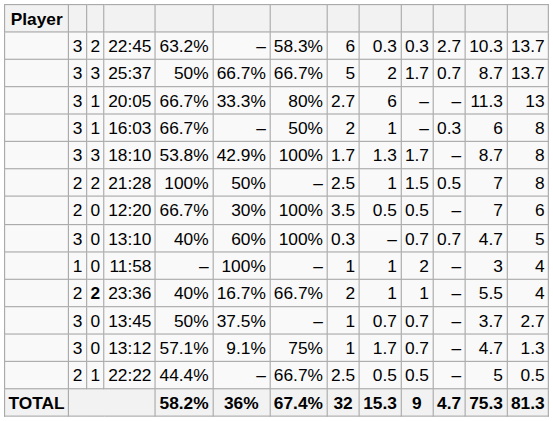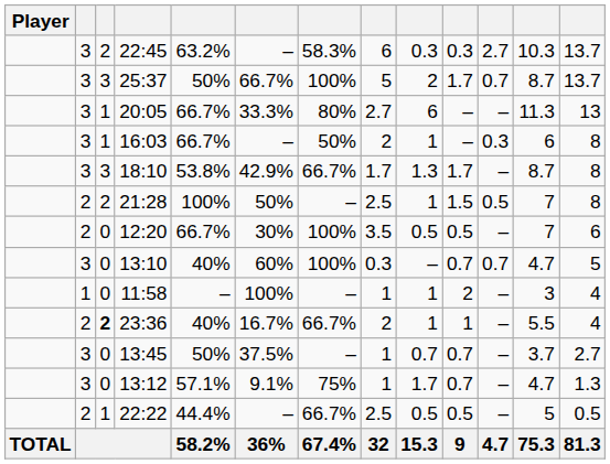 <table class="wikitable sortable" style="font-size:95%; text-align:right;">
 <tr>
 <th>Player</th>
 <th></th>
 <th></th>
 <th></th>
 <th></th>
 <th></th>
 <th></th>
 <th></th>
 <th></th>
 <th></th>
 <th></th>
 <th></th>
 <th></th>
 </tr>
 <tr>
 <td></td>
 <td>3</td>
 <td>2</td>
 <td>22:45</td>
 <td>63.2%</td>
 <td>–</td>
 <td>58.3%</td>
 <td>6</td>
 <td>0.3</td>
 <td>0.3</td>
 <td>2.7</td>
 <td>10.3</td>
 <td>13.7</td>
 </tr>
 <tr>
 <td></td>
 <td>3</td>
 <td>3</td>
 <td>25:37</td>
 <td>50%</td>
 <td>66.7%</td>
-<td>66.7%</td>
+<td>100%</td>
 <td>5</td>
 <td>2</td>
 <td>1.7</td>
 <td>0.7</td>
 <td>8.7</td>
 <td>13.7</td>
 </tr>
 <tr>
 <td></td>
 <td>3</td>
 <td>1</td>
 <td>20:05</td>
 <td>66.7%</td>
 <td>33.3%</td>
 <td>80%</td>
 <td>2.7</td>
 <td>6</td>
 <td>–</td>
 <td>–</td>
 <td>11.3</td>
 <td>13</td>
 </tr>
 <tr>
 <td></td>
 <td>3</td>
 <td>1</td>
 <td>16:03</td>
 <td>66.7%</td>
 <td>–</td>
 <td>50%</td>
 <td>2</td>
 <td>1</td>
 <td>–</td>
 <td>0.3</td>
 <td>6</td>
 <td>8</td>
 </tr>
 <tr>
 <td></td>
 <td>3</td>
 <td>3</td>
 <td>18:10</td>
 <td>53.8%</td>
 <td>42.9%</td>
-<td>100%</td>
+<td>66.7%</td>
 <td>1.7</td>
 <td>1.3</td>
 <td>1.7</td>
 <td>–</td>
 <td>8.7</td>
 <td>8</td>
 </tr>
 <tr>
 <td></td>
 <td>2</td>
 <td>2</td>
 <td>21:28</td>
 <td>100%</td>
 <td>50%</td>
 <td>–</td>
 <td>2.5</td>
 <td>1</td>
 <td>1.5</td>
 <td>0.5</td>
 <td>7</td>
 <td>8</td>
 </tr>
 <tr>
 <td></td>
 <td>2</td>
 <td>0</td>
 <td>12:20</td>
 <td>66.7%</td>
 <td>30%</td>
 <td>100%</td>
 <td>3.5</td>
 <td>0.5</td>
 <td>0.5</td>
 <td>–</td>
 <td>7</td>
 <td>6</td>
 </tr>
 <tr>
 <td></td>
 <td>3</td>
 <td>0</td>
 <td>13:10</td>
 <td>40%</td>
 <td>60%</td>
 <td>100%</td>
 <td>0.3</td>
 <td>–</td>
 <td>0.7</td>
 <td>0.7</td>
 <td>4.7</td>
 <td>5</td>
 </tr>
 <tr>
 <td></td>
 <td>1</td>
 <td>0</td>
 <td>11:58</td>
 <td>–</td>
 <td>100%</td>
 <td>–</td>
 <td>1</td>
 <td>1</td>
 <td>2</td>
 <td>–</td>
 <td>3</td>
 <td>4</td>
 </tr>
 <tr>
 <td></td>
 <td>2</td>
 <td><strong>2</strong></td>
 <td>23:36</td>
 <td>40%</td>
 <td>16.7%</td>
 <td>66.7%</td>
 <td>2</td>
 <td>1</td>
 <td>1</td>
 <td>–</td>
 <td>5.5</td>
 <td>4</td>
 </tr>
 <tr>
 <td></td>
 <td>3</td>
 <td>0</td>
 <td>13:45</td>
 <td>50%</td>
 <td>37.5%</td>
 <td>–</td>
 <td>1</td>
 <td>0.7</td>
 <td>0.7</td>
 <td>–</td>
 <td>3.7</td>
 <td>2.7</td>
 </tr>
 <tr>
 <td></td>
 <td>3</td>
 <td>0</td>
 <td>13:12</td>
 <td>57.1%</td>
 <td>9.1%</td>
 <td>75%</td>
 <td>1</td>
 <td>1.7</td>
 <td>0.7</td>
 <td>–</td>
 <td>4.7</td>
 <td>1.3</td>
 </tr>
 <tr>
 <td></td>
 <td>2</td>
 <td>1</td>
 <td>22:22</td>
 <td>44.4%</td>
 <td>–</td>
 <td>66.7%</td>
 <td>2.5</td>
 <td>0.5</td>
 <td>0.5</td>
 <td>–</td>
 <td>5</td>
 <td>0.5</td>
 </tr>
 <tr>
 <th align=center><strong>TOTAL</strong></th>
 <th colspan=3></th>
 <th>58.2%</th>
 <th>36%</th>
 <th>67.4%</th>
 <th>32</th>
 <th>15.3</th>
 <th>9</th>
 <th>4.7</th>
 <th>75.3</th>
 <th>81.3</th>
 </tr>
 </table>
